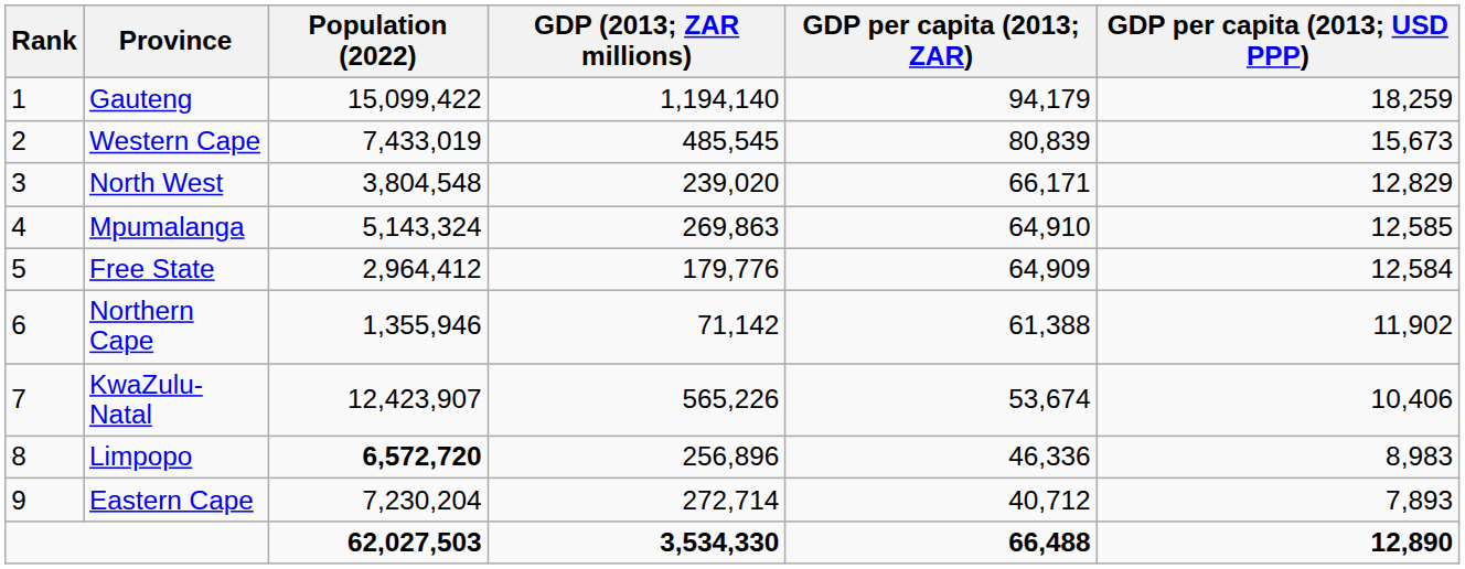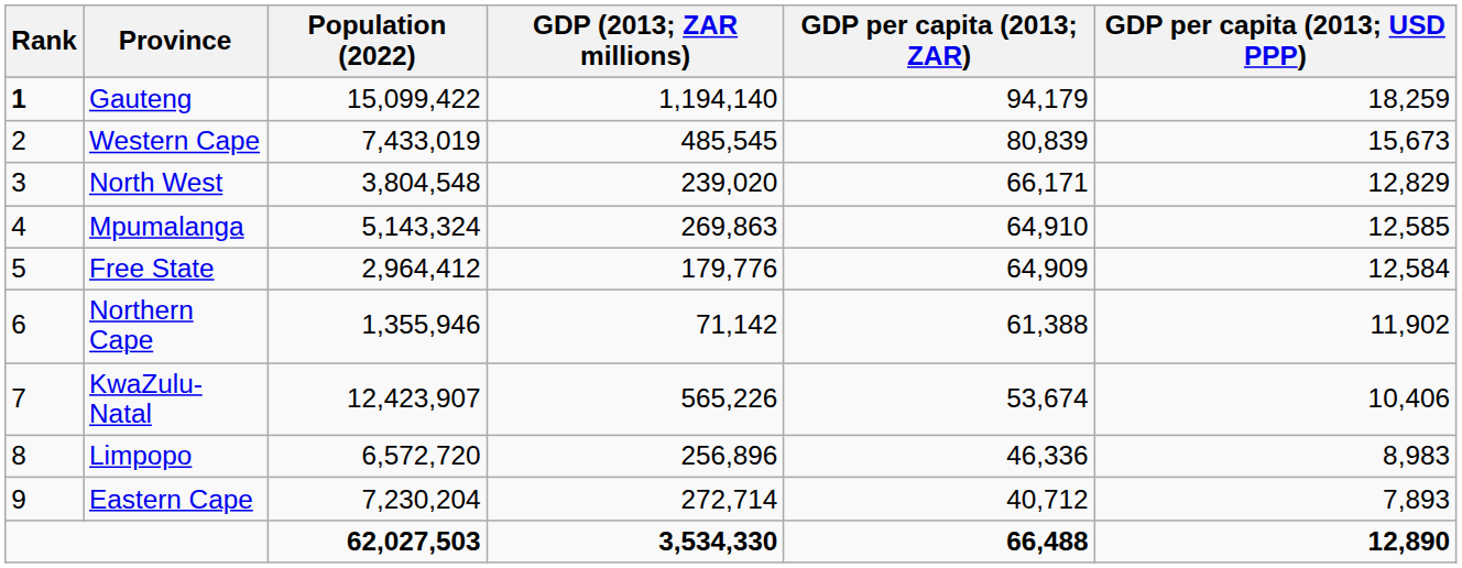 <table class="wikitable">
 <tr>
 <th>Rank</th>
 <th>Province</th>
 <th>Population (2022)</th>
 <th>GDP (2013; <a href='#'>ZAR</a> millions)</th>
 <th>GDP per capita (2013; <a href='#'>ZAR</a>)</th>
 <th>GDP per capita (2013; <a href='#'>USD PPP</a>)</th>
 </tr>
 <tr>
-<td>1</td>
+<td><strong>1</strong></td>
 <td><a href='#'>Gauteng</a></td>
 <td style="text-align:right">15,099,422</td>
 <td style="text-align:right">1,194,140</td>
 <td style="text-align:right">94,179</td>
 <td style="text-align:right">18,259</td>
 </tr>
 <tr>
 <td>2</td>
 <td><a href='#'>Western Cape</a></td>
 <td style="text-align:right">7,433,019</td>
 <td style="text-align:right">485,545</td>
 <td style="text-align:right">80,839</td>
 <td style="text-align:right">15,673</td>
 </tr>
 <tr>
 <td>3</td>
 <td><a href='#'>North West</a></td>
 <td style="text-align:right">3,804,548</td>
 <td style="text-align:right">239,020</td>
 <td style="text-align:right">66,171</td>
 <td style="text-align:right">12,829</td>
 </tr>
 <tr>
 <td>4</td>
 <td><a href='#'>Mpumalanga</a></td>
 <td style="text-align:right">5,143,324</td>
 <td style="text-align:right">269,863</td>
 <td style="text-align:right">64,910</td>
 <td style="text-align:right">12,585</td>
 </tr>
 <tr>
 <td>5</td>
 <td><a href='#'>Free State</a></td>
 <td style="text-align:right">2,964,412</td>
 <td style="text-align:right">179,776</td>
 <td style="text-align:right">64,909</td>
 <td style="text-align:right">12,584</td>
 </tr>
 <tr>
 <td>6</td>
 <td><a href='#'>Northern Cape</a></td>
 <td style="text-align:right">1,355,946</td>
 <td style="text-align:right">71,142</td>
 <td style="text-align:right">61,388</td>
 <td style="text-align:right">11,902</td>
 </tr>
 <tr>
 <td>7</td>
 <td><a href='#'>KwaZulu-Natal</a></td>
 <td style="text-align:right">12,423,907</td>
 <td style="text-align:right">565,226</td>
 <td style="text-align:right">53,674</td>
 <td style="text-align:right">10,406</td>
 </tr>
 <tr>
 <td>8</td>
 <td><a href='#'>Limpopo</a></td>
-<td style="text-align:right"><strong>6,572,720</strong></td>
+<td style="text-align:right">6,572,720</td>
 <td style="text-align:right">256,896</td>
 <td style="text-align:right">46,336</td>
 <td style="text-align:right">8,983</td>
 </tr>
 <tr>
 <td>9</td>
 <td><a href='#'>Eastern Cape</a></td>
 <td style="text-align:right">7,230,204</td>
 <td style="text-align:right">272,714</td>
 <td style="text-align:right">40,712</td>
 <td style="text-align:right">7,893</td>
 </tr>
 <tr>
 <td colspan=2></td>
 <td style="text-align:right"><strong>62,027,503</strong></td>
 <td style="text-align:right"><strong>3,534,330</strong></td>
 <td style="text-align:right"><strong>66,488</strong></td>
 <td style="text-align:right"><strong>12,890</strong></td>
 </tr>
 </table>
